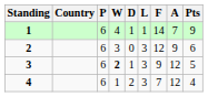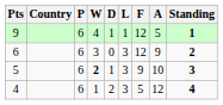 <table class="wikitable" style="text-align: center">
 <tr>
-<th scope="col">Standing</th>
+<th scope="col">Pts</th>
 <th scope="col">Country</th>
 <th scope="col">P</th>
 <th scope="col">W</th>
 <th scope="col">D</th>
 <th scope="col">L</th>
 <th scope="col">F</th>
 <th scope="col">A</th>
-<th scope="col">Pts</th>
+<th scope="col">Standing</th>
 </tr>
 <tr style="background:#ccffcc;">
-<td><strong>1</strong></td>
+<td>9</td>
 <td style="text-align: left"><strong></strong></td>
 <td>6</td>
 <td>4</td>
 <td>1</td>
 <td>1</td>
-<td>14</td>
-<td>7</td>
-<td>9</td>
+<td>12</td>
+<td>5</td>
+<td><strong>1</strong></td>
 </tr>
 <tr>
-<td><strong>2</strong></td>
+<td>6</td>
 <td style="text-align: left"></td>
 <td>6</td>
 <td>3</td>
 <td>0</td>
 <td>3</td>
 <td>12</td>
 <td>9</td>
-<td>6</td>
+<td><strong>2</strong></td>
 </tr>
 <tr>
-<td><strong>3</strong></td>
+<td>5</td>
 <td style="text-align: left"></td>
 <td>6</td>
 <td><strong>2</strong></td>
 <td>1</td>
 <td>3</td>
 <td>9</td>
-<td>12</td>
-<td>5</td>
+<td>10</td>
+<td><strong>3</strong></td>
 </tr>
 <tr>
-<td><strong>4</strong></td>
+<td>4</td>
 <td style="text-align: left"></td>
 <td>6</td>
 <td>1</td>
 <td>2</td>
 <td>3</td>
-<td>7</td>
+<td>5</td>
 <td>12</td>
-<td>4</td>
+<td><strong>4</strong></td>
 </tr>
 </table>
